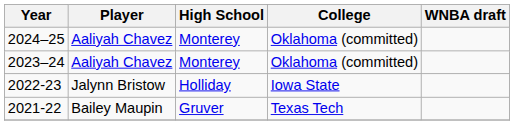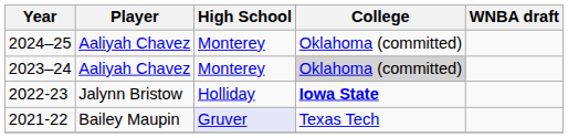 <table class="wikitable sortable">
 <tr>
 <th>Year</th>
 <th>Player</th>
 <th>High School</th>
 <th>College</th>
 <th>WNBA draft</th>
 </tr>
 <tr>
 <td>2024–25</td>
 <td><a href='#'>Aaliyah Chavez</a></td>
 <td><a href='#'>Monterey</a></td>
 <td><a href='#'>Oklahoma</a> (committed)</td>
 <td></td>
 </tr>
 <tr>
 <td>2023–24</td>
 <td><a href='#'>Aaliyah Chavez</a></td>
 <td><a href='#'>Monterey</a></td>
-<td><a href='#'>Oklahoma</a> (committed)</td>
+<td style="background: lightgrey;"><a href='#'>Oklahoma</a> (committed)</td>
 <td></td>
 </tr>
 <tr>
 <td>2022-23</td>
 <td>Jalynn Bristow</td>
 <td><a href='#'>Holliday</a></td>
-<td><a href='#'>Iowa State</a></td>
+<td><strong><a href='#'>Iowa State</a></strong></td>
 <td></td>
 </tr>
 <tr>
 <td>2021-22</td>
 <td>Bailey Maupin</td>
-<td><a href='#'>Gruver</a></td>
+<td style="background: lavender;"><a href='#'>Gruver</a></td>
 <td><a href='#'>Texas Tech</a></td>
 <td></td>
 </tr>
 <tr>
 </tr>
 </table>
